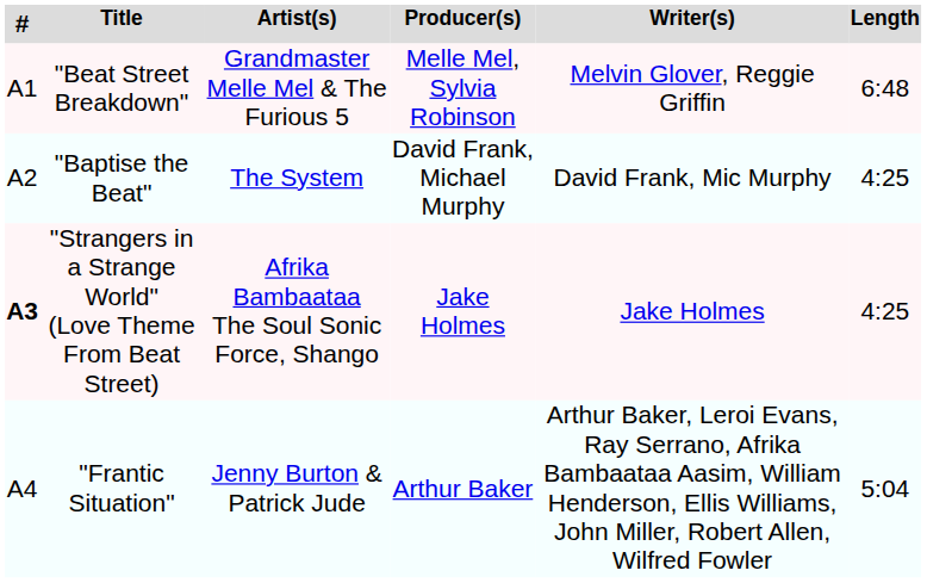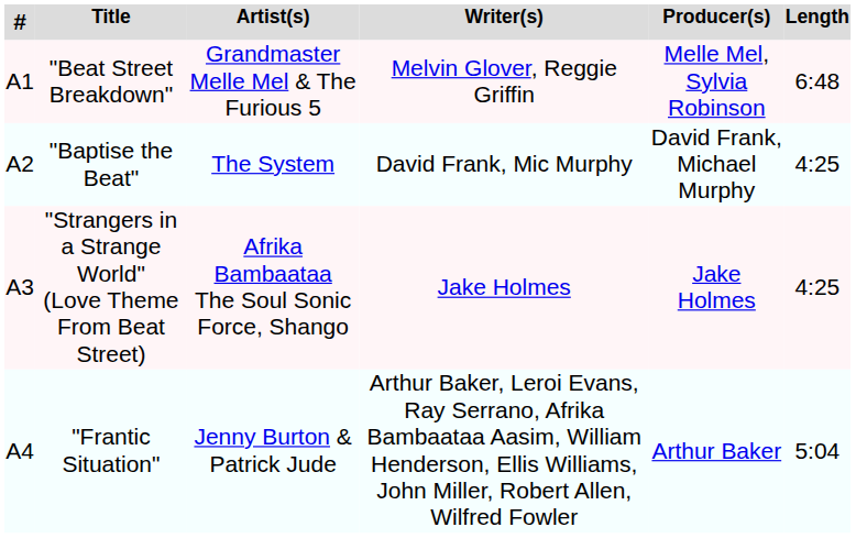 <table bgcolor="white" cellpadding="1" cellspacing="0" border="0" style="font-size: 113%; border: white solid 0px; border-collapse: collapse;" width="75%">
 <tr bgcolor="gainsboro">
 <th>#</th>
 <th><sup>Title</sup></th>
 <th><sup>Artist(s)</sup></th>
+<th><sup>Writer(s)</sup></th>
 <th><sup>Producer(s)</sup></th>
-<th><sup>Writer(s)</sup></th>
 <th><sup>Length</sup></th>
 </tr>
 <tr style="background: #FFF5F7; color: black;">
 <td align="center">A1</td>
 <td align="center">"Beat Street Breakdown"</td>
 <td align="center"><a href='#'>Grandmaster Melle Mel</a> & The Furious 5</td>
+<td align="center"><a href='#'>Melvin Glover</a>, Reggie Griffin</td>
 <td align="center"><a href='#'>Melle Mel</a>, <a href='#'>Sylvia Robinson</a></td>
-<td align="center"><a href='#'>Melvin Glover</a>, Reggie Griffin</td>
 <td align="center">6:48</td>
 </tr>
 <tr style="background: #F5FFFF; color: black;">
 <td align="center">A2</td>
 <td align="center">"Baptise the Beat"</td>
 <td align="center"><a href='#'>The System</a></td>
+<td align="center">David Frank, Mic Murphy</td>
 <td align="center">David Frank, Michael Murphy</td>
-<td align="center">David Frank, Mic Murphy</td>
 <td align="center">4:25</td>
 </tr>
 <tr style="background: #FFF5F7; color: black;">
-<td align="center"><strong>A3</strong></td>
+<td align="center">A3</td>
 <td align="center">"Strangers in a Strange World"<br>(Love Theme From Beat Street)</td>
 <td align="center"><a href='#'>Afrika Bambaataa</a><br> The Soul Sonic Force, Shango</td>
 <td align="center"><a href='#'>Jake Holmes</a></td>
 <td align="center"><a href='#'>Jake Holmes</a></td>
 <td align="center">4:25</td>
 </tr>
 <tr style="background: #F5FFFF; color: black;">
 <td align="center">A4</td>
 <td align="center">"Frantic Situation"</td>
 <td align="center"><a href='#'>Jenny Burton</a> & Patrick Jude</td>
+<td align="center">Arthur Baker, Leroi Evans, Ray Serrano, Afrika Bambaataa Aasim, William Henderson, Ellis Williams, John Miller, Robert Allen, Wilfred Fowler</td>
 <td align="center"><a href='#'>Arthur Baker</a></td>
-<td align="center">Arthur Baker, Leroi Evans, Ray Serrano, Afrika Bambaataa Aasim, William Henderson, Ellis Williams, John Miller, Robert Allen, Wilfred Fowler</td>
 <td align="center">5:04</td>
 </tr>
 </table>
